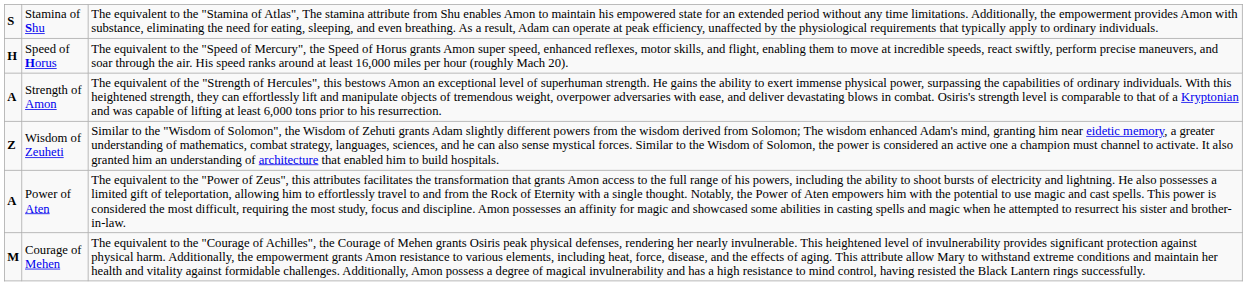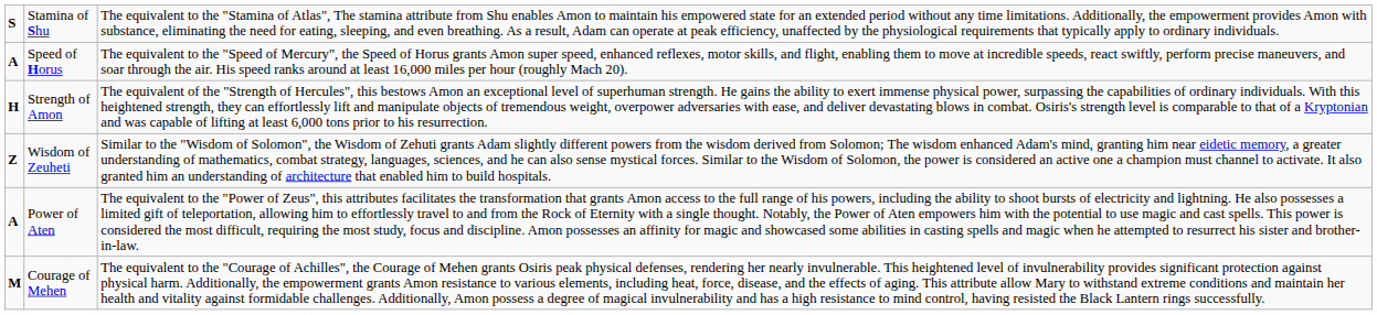 <table class="wikitable">
 <tr>
 <td><strong>S</strong></td>
 <td>Stamina of <a href='#'><strong>S</strong>hu</a></td>
 <td>The equivalent to the "Stamina of Atlas", The stamina attribute from Shu enables Amon to maintain his empowered state for an extended period without any time limitations. Additionally, the empowerment provides Amon with substance, eliminating the need for eating, sleeping, and even breathing. As a result, Adam can operate at peak efficiency, unaffected by the physiological requirements that typically apply to ordinary individuals.</td>
 </tr>
 <tr>
-<td><strong>H</strong></td>
+<td><strong>A</strong></td>
 <td>Speed of <a href='#'><strong>H</strong>orus</a></td>
 <td>The equivalent to the "Speed of Mercury", the Speed of Horus grants Amon super speed, enhanced reflexes, motor skills, and flight, enabling them to move at incredible speeds, react swiftly, perform precise maneuvers, and soar through the air. His speed ranks around at least 16,000 miles per hour (roughly Mach 20).</td>
 </tr>
 <tr>
-<td><strong>A</strong></td>
+<td><strong>H</strong></td>
 <td>Strength of <a href='#'>Amon</a></td>
 <td>The equivalent of the "Strength of Hercules", this bestows Amon an exceptional level of superhuman strength. He gains the ability to exert immense physical power, surpassing the capabilities of ordinary individuals. With this heightened strength, they can effortlessly lift and manipulate objects of tremendous weight, overpower adversaries with ease, and deliver devastating blows in combat. Osiris's strength level is comparable to that of a <a href='#'>Kryptonian</a> and was capable of lifting at least 6,000 tons prior to his resurrection.</td>
 </tr>
 <tr>
 <td><strong>Z</strong></td>
 <td>Wisdom of <a href='#'>Zeuheti</a></td>
 <td>Similar to the "Wisdom of Solomon", the Wisdom of Zehuti grants Adam slightly different powers from the wisdom derived from Solomon; The wisdom enhanced Adam's mind, granting him near <a href='#'>eidetic memory</a>, a greater understanding of mathematics, combat strategy, languages, sciences, and he can also sense mystical forces. Similar to the Wisdom of Solomon, the power is  considered an active one a champion must channel to activate. It also granted him an understanding of <a href='#'>architecture</a> that enabled him to build hospitals.</td>
 </tr>
 <tr>
 <td><strong>A</strong></td>
 <td>Power of <a href='#'>Aten</a></td>
 <td>The equivalent to the "Power of Zeus", this attributes facilitates the transformation that grants Amon access to the full range of his powers, including the ability to shoot bursts of electricity and lightning. He also possesses a limited gift of teleportation, allowing him to effortlessly travel to and from the Rock of Eternity with a single thought. Notably, the Power of Aten empowers him with the potential to use magic and cast spells. This power is considered the most difficult, requiring the most study, focus and discipline. Amon possesses an affinity for magic and showcased some abilities in casting spells and magic when he attempted to resurrect his sister and brother-in-law.</td>
 </tr>
 <tr>
 <td><strong>M</strong></td>
 <td>Courage of <a href='#'>Mehen</a></td>
 <td>The equivalent to the "Courage of Achilles", the Courage of Mehen grants Osiris peak physical defenses, rendering her nearly invulnerable. This heightened level of invulnerability provides significant protection against physical harm. Additionally, the empowerment grants Amon resistance to various elements, including heat, force, disease, and the effects of aging. This attribute allow Mary to withstand extreme conditions and maintain her health and vitality against formidable challenges. Additionally, Amon possess a degree of magical invulnerability and has a high resistance to mind control, having resisted the Black Lantern rings successfully.</td>
 </tr>
 </table>
